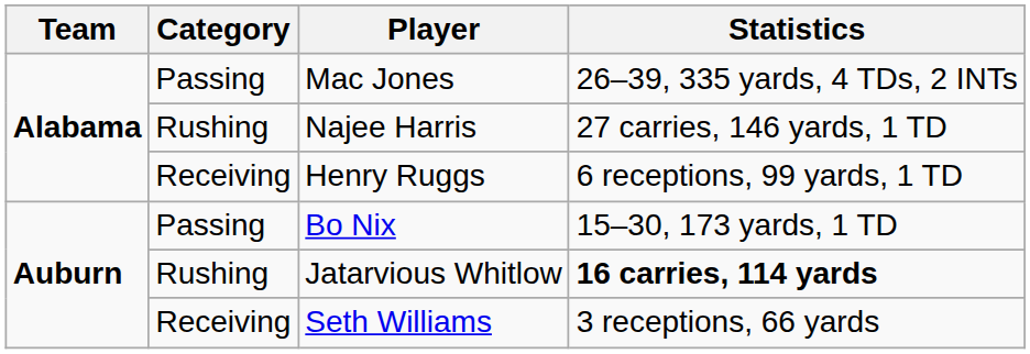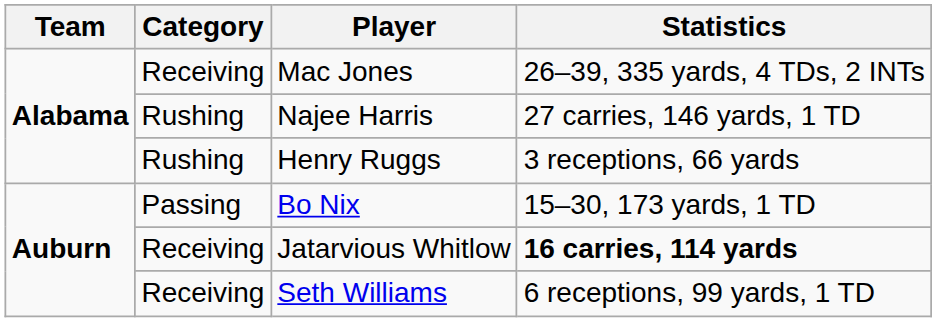 <table class="wikitable" style="float: right;">
 <tr>
 <th>Team</th>
 <th>Category</th>
 <th>Player</th>
 <th>Statistics</th>
 </tr>
 <tr>
 <td rowspan=3><strong>Alabama</strong></td>
-<td>Passing</td>
+<td>Receiving</td>
 <td>Mac Jones</td>
 <td>26–39, 335 yards, 4 TDs, 2 INTs</td>
 </tr>
 <tr>
 <td>Rushing</td>
 <td>Najee Harris</td>
 <td>27 carries, 146 yards, 1 TD</td>
 </tr>
 <tr>
-<td>Receiving</td>
+<td>Rushing</td>
 <td>Henry Ruggs</td>
-<td>6 receptions, 99 yards, 1 TD</td>
+<td>3 receptions, 66 yards</td>
 </tr>
 <tr>
 <td rowspan=3><strong>Auburn</strong></td>
 <td>Passing</td>
 <td><a href='#'>Bo Nix</a></td>
 <td>15–30, 173 yards, 1 TD</td>
 </tr>
 <tr>
-<td>Rushing</td>
+<td>Receiving</td>
 <td>Jatarvious Whitlow</td>
 <td><strong>16 carries, 114 yards</strong></td>
 </tr>
 <tr>
 <td>Receiving</td>
 <td><a href='#'>Seth Williams</a></td>
-<td>3 receptions, 66 yards</td>
+<td>6 receptions, 99 yards, 1 TD</td>
 </tr>
 </table>
